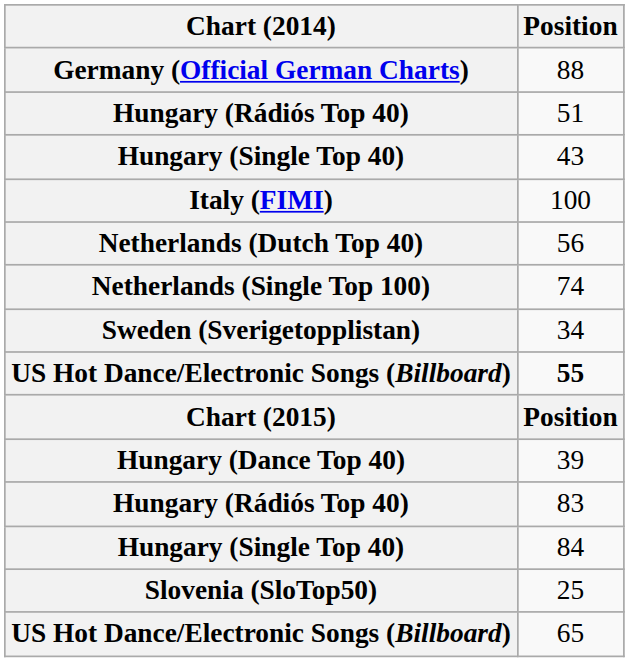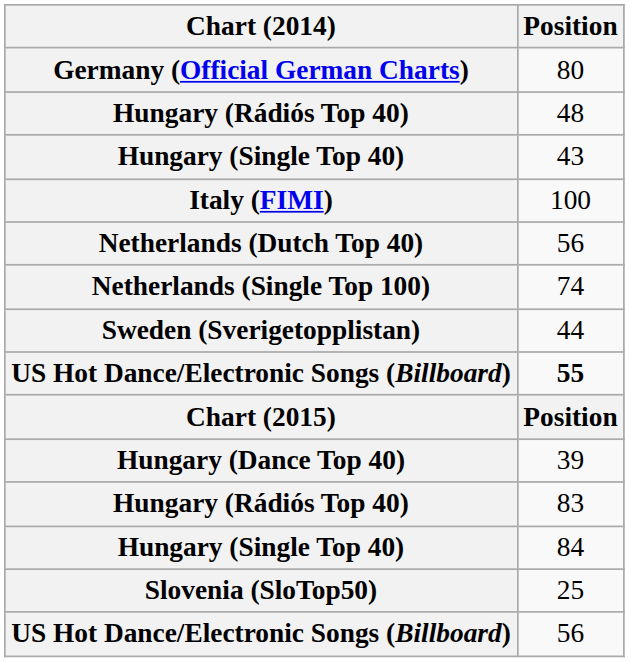 <table class="wikitable plainrowheaders sortable" style="text-align:center;">
 <tr>
 <th>Chart (2014)</th>
 <th>Position</th>
 </tr>
 <tr>
 <th scope="row">Germany (<a href='#'>Official German Charts</a>)</th>
-<td style="text-align:center;">88</td>
+<td style="text-align:center;">80</td>
 </tr>
 <tr>
 <th scope="row">Hungary (Rádiós Top 40)</th>
-<td>51</td>
+<td>48</td>
 </tr>
 <tr>
 <th scope="row">Hungary (Single Top 40)</th>
 <td>43</td>
 </tr>
 <tr>
 <th scope="row">Italy (<a href='#'>FIMI</a>)</th>
 <td>100</td>
 </tr>
 <tr>
 <th scope="row">Netherlands (Dutch Top 40)</th>
 <td>56</td>
 </tr>
 <tr>
 <th scope="row">Netherlands (Single Top 100)</th>
 <td>74</td>
 </tr>
 <tr>
 <th scope="row">Sweden (Sverigetopplistan)</th>
-<td>34</td>
+<td>44</td>
 </tr>
 <tr>
 <th scope="row">US Hot Dance/Electronic Songs (<em>Billboard</em>)</th>
 <td><strong>55</strong></td>
 </tr>
 <tr>
 <th>Chart (2015)</th>
 <th>Position</th>
 </tr>
 <tr>
 <th scope="row">Hungary (Dance Top 40)</th>
 <td>39</td>
 </tr>
 <tr>
 <th scope="row">Hungary (Rádiós Top 40)</th>
 <td>83</td>
 </tr>
 <tr>
 <th scope="row">Hungary (Single Top 40)</th>
 <td>84</td>
 </tr>
 <tr>
 <th scope="row">Slovenia (SloTop50)</th>
 <td align=center>25</td>
 </tr>
 <tr>
 <th scope="row">US Hot Dance/Electronic Songs (<em>Billboard</em>)</th>
-<td>65</td>
+<td>56</td>
 </tr>
 </table>
